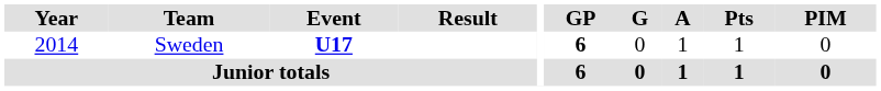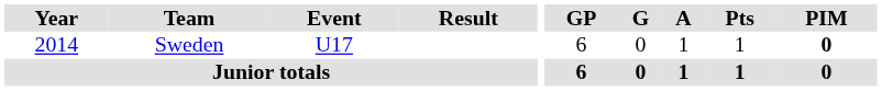 <table border="0" cellpadding="1" cellspacing="0" ID="Table3" style="text-align:center; width:40em">
 <tr ALIGN="center" bgcolor="#e0e0e0">
 <th>Year</th>
 <th>Team</th>
 <th>Event</th>
 <th>Result</th>
 <th rowspan="99" bgcolor="#ffffff"></th>
 <th>GP</th>
 <th>G</th>
 <th>A</th>
 <th>Pts</th>
 <th>PIM</th>
 </tr>
 <tr>
 <td><a href='#'>2014</a></td>
 <td><a href='#'>Sweden</a></td>
-<td><strong><a href='#'>U17</a></strong></td>
+<td><a href='#'>U17</a></td>
 <td></td>
-<td><strong>6</strong></td>
+<td>6</td>
 <td>0</td>
 <td>1</td>
 <td>1</td>
-<td>0</td>
+<td><strong>0</strong></td>
 </tr>
 <tr bgcolor="#e0e0e0">
 <th colspan="4">Junior totals</th>
 <th>6</th>
 <th>0</th>
 <th>1</th>
 <th>1</th>
 <th>0</th>
 </tr>
 </table>
